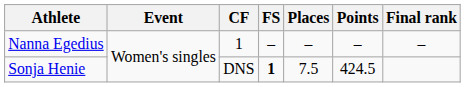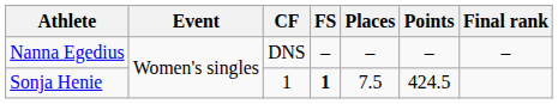 <table class="wikitable" style="font-size:90%">
 <tr>
 <th>Athlete</th>
 <th>Event</th>
 <th>CF</th>
 <th>FS</th>
 <th>Places</th>
 <th>Points</th>
 <th>Final rank</th>
 </tr>
 <tr align=center>
 <td align=left><a href='#'>Nanna Egedius</a></td>
 <td rowspan="2">Women's singles</td>
-<td>1</td>
+<td>DNS</td>
 <td>–</td>
 <td>–</td>
 <td>–</td>
 <td>–</td>
 </tr>
 <tr align=center>
 <td align=left><a href='#'>Sonja Henie</a></td>
-<td>DNS</td>
+<td>1</td>
 <td><strong>1</strong></td>
 <td>7.5</td>
 <td>424.5</td>
 <td></td>
 </tr>
 </table>
